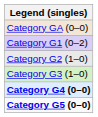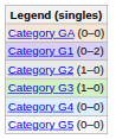 <table class=wikitable style=font-size:90%>
 <tr>
 <th>Legend (singles)</th>
 </tr>
 <tr style="background:#F3E6D7">
 <td><a href='#'>Category GA</a> (0–0)</td>
 </tr>
 <tr style="background:#d8cef6">
 <td><a href='#'>Category G1</a> (0–2)</td>
 </tr>
 <tr style="background:#e9e9e9">
 <td><a href='#'>Category G2</a> (1–0)</td>
 </tr>
 <tr style="background:#D4F1C5">
 <td><a href='#'>Category G3</a> (1–0)</td>
 </tr>
 <tr style="background:#dfeeff">
-<td><strong><a href='#'>Category G4</a> (0–0)</strong></td>
+<td><a href='#'>Category G4</a> (0–0)</td>
 </tr>
 <tr>
-<td><strong><a href='#'>Category G5</a> (0–0)</strong></td>
+<td><a href='#'>Category G5</a> (0–0)</td>
 </tr>
 </table>
